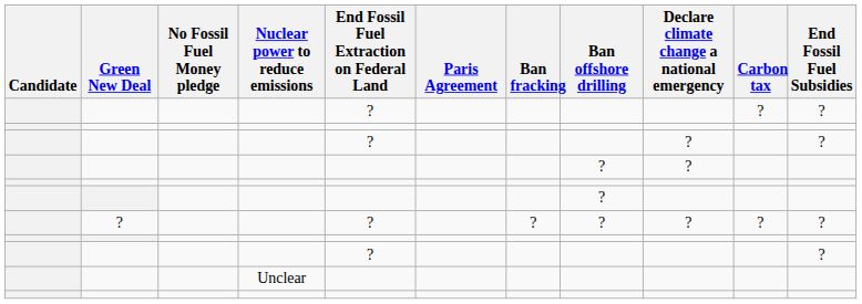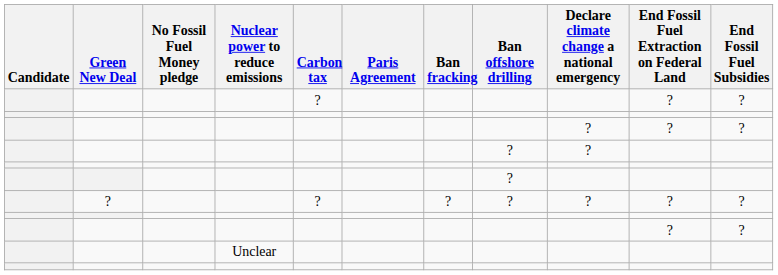 <table class="wikitable sortable" style=margin:auto;table-layout:fixed;text-align:center>
 <tr valign=bottom>
 <th>Candidate</th>
 <th style=max-width:6em><a href='#'>Green New Deal</a></th>
 <th style=max-width:6em>No Fossil Fuel Money pledge</th>
 <th style=max-width:6em><a href='#'>Nuclear power</a> to reduce emissions</th>
-<th style=max-width:6em>End Fossil Fuel Extraction on Federal Land</th>
+<th style=max-width:3em><a href='#'>Carbon tax</a></th>
 <th style=max-width:6em><a href='#'>Paris Agreement</a></th>
 <th style=max-width:3em>Ban <a href='#'>fracking</a></th>
 <th style=max-width:6em>Ban <a href='#'>offshore drilling</a></th>
 <th style=max-width:6em>Declare <a href='#'>climate change</a> a national emergency</th>
-<th style=max-width:3em><a href='#'>Carbon tax</a></th>
+<th style=max-width:6em>End Fossil Fuel Extraction on Federal Land</th>
 <th style=max-width:4em>End Fossil Fuel Subsidies</th>
 </tr>
 <tr>
 <th></th>
 <td></td>
 <td></td>
 <td></td>
 <td>?</td>
 <td></td>
 <td></td>
 <td></td>
 <td></td>
 <td>?</td>
 <td>?</td>
 </tr>
 <tr>
 <th></th>
 <td></td>
 <td></td>
 <td></td>
 <td></td>
 <td></td>
 <td></td>
 <td></td>
 <td></td>
 <td></td>
 <td></td>
 </tr>
 <tr>
 <th></th>
 <td></td>
 <td></td>
 <td></td>
-<td>?</td>
+<td></td>
 <td></td>
 <td></td>
 <td></td>
 <td>?</td>
-<td></td>
+<td>?</td>
 <td>?</td>
 </tr>
 <tr>
 <th></th>
 <td></td>
 <td></td>
 <td></td>
 <td></td>
 <td></td>
 <td></td>
 <td>?</td>
 <td>?</td>
 <td></td>
 <td></td>
 </tr>
 <tr>
 <th></th>
 <td></td>
 <td></td>
 <td></td>
 <td></td>
 <td></td>
 <td></td>
 <td></td>
 <td></td>
 <td></td>
 <td></td>
 </tr>
 <tr>
 <th></th>
 <th></th>
 <td></td>
 <td></td>
 <td></td>
 <td></td>
 <td></td>
 <td>?</td>
 <td></td>
 <td></td>
 <td></td>
 </tr>
 <tr>
 <th></th>
 <td>?</td>
 <td></td>
 <td></td>
 <td>?</td>
 <td></td>
 <td>?</td>
 <td>?</td>
 <td>?</td>
 <td>?</td>
 <td>?</td>
 </tr>
 <tr>
 <th></th>
 <th></th>
 <td></td>
 <td></td>
 <td></td>
 <td></td>
 <td></td>
 <td></td>
 <td></td>
 <td></td>
 <td></td>
 </tr>
 <tr>
 <th></th>
 <td></td>
 <td></td>
 <td></td>
-<td>?</td>
 <td></td>
 <td></td>
 <td></td>
 <td></td>
 <td></td>
+<td>?</td>
 <td>?</td>
 </tr>
 <tr>
 <th></th>
 <td></td>
 <td></td>
 <td>Unclear</td>
 <td></td>
 <td></td>
 <td></td>
 <td></td>
 <td></td>
 <td></td>
 <td></td>
 </tr>
 <tr>
 <th></th>
 <td></td>
 <td></td>
 <td></td>
 <td></td>
 <td></td>
 <td></td>
 <td></td>
 <td></td>
 <td></td>
 <td></td>
 </tr>
 </table>
